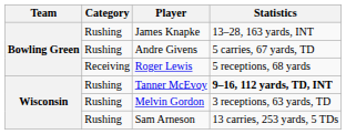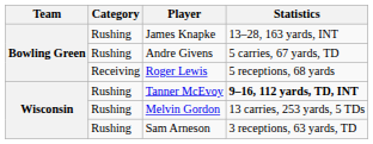 <table class="wikitable" style="float:right">
 <tr>
 <th>Team</th>
 <th>Category</th>
 <th>Player</th>
 <th>Statistics</th>
 </tr>
 <tr>
 <th rowspan=3>Bowling Green</th>
 <td>Rushing</td>
 <td>James Knapke</td>
 <td>13–28, 163 yards, INT</td>
 </tr>
 <tr>
 <td>Rushing</td>
 <td>Andre Givens</td>
 <td>5 carries, 67 yards, TD</td>
 </tr>
 <tr>
 <td>Receiving</td>
 <td><a href='#'>Roger Lewis</a></td>
 <td>5 receptions, 68 yards</td>
 </tr>
 <tr>
 <th rowspan=3>Wisconsin</th>
 <td>Rushing</td>
 <td><a href='#'>Tanner McEvoy</a></td>
 <td><strong>9–16, 112 yards, TD, INT</strong></td>
 </tr>
 <tr>
 <td>Rushing</td>
 <td><a href='#'>Melvin Gordon</a></td>
-<td>3 receptions, 63 yards, TD</td>
+<td>13 carries, 253 yards, 5 TDs</td>
 </tr>
 <tr>
 <td>Rushing</td>
 <td>Sam Arneson</td>
-<td>13 carries, 253 yards, 5 TDs</td>
+<td>3 receptions, 63 yards, TD</td>
 </tr>
 </table>
